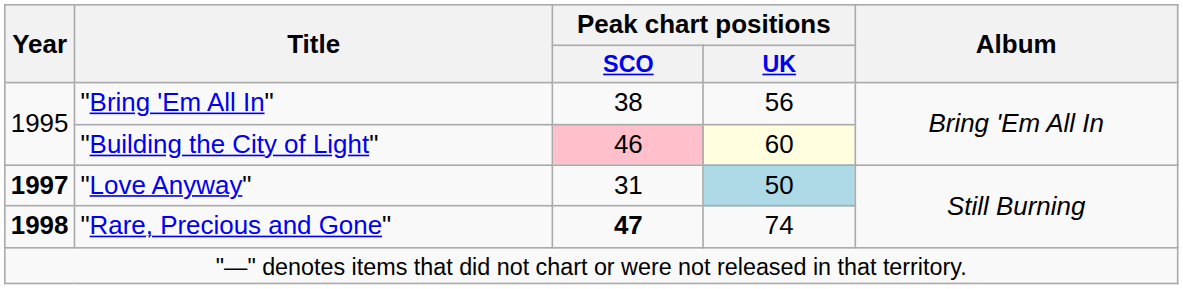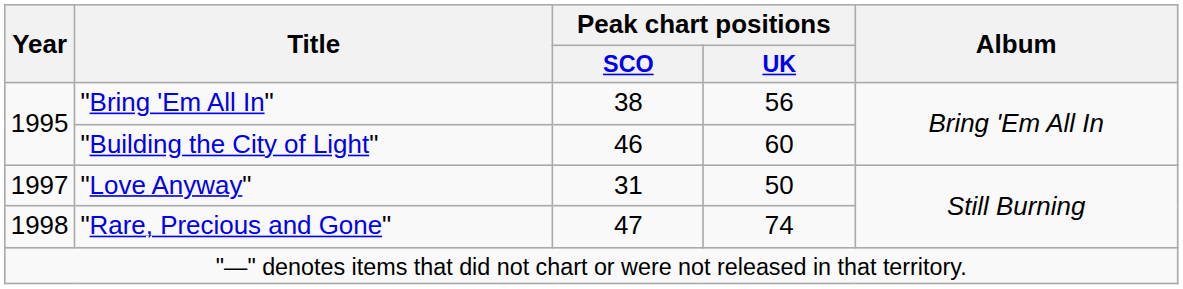 <table class="wikitable" style="text-align:center;">
 <tr>
 <th rowspan="2" style="width:2em;">Year</th>
 <th rowspan="2" style="width:18em;">Title</th>
 <th colspan="2">Peak chart positions</th>
 <th rowspan="2" style="width:12em;">Album</th>
 </tr>
 <tr>
 <th style="width:6em;font-size:90%;"><a href='#'>SCO</a><br></th>
 <th style="width:6em;font-size:90%;"><a href='#'>UK</a><br></th>
 </tr>
 <tr>
 <td rowspan="2">1995</td>
 <td style="text-align:left;">"<a href='#'>Bring 'Em All In</a>"</td>
 <td>38</td>
 <td>56</td>
 <td rowspan="2"><em>Bring 'Em All In</em></td>
 </tr>
 <tr>
 <td style="text-align:left;">"<a href='#'>Building the City of Light</a>"</td>
-<td style="background: pink;">46</td>
-<td style="background: lightyellow;">60</td>
+<td>46</td>
+<td>60</td>
 </tr>
 <tr>
-<td><strong>1997</strong></td>
+<td>1997</td>
 <td style="text-align:left;">"<a href='#'>Love Anyway</a>"</td>
 <td>31</td>
-<td style="background: lightblue;">50</td>
+<td>50</td>
 <td rowspan="2"><em>Still Burning</em></td>
 </tr>
 <tr>
-<td><strong>1998</strong></td>
+<td>1998</td>
 <td style="text-align:left;">"<a href='#'>Rare, Precious and Gone</a>"</td>
-<td><strong>47</strong></td>
+<td>47</td>
 <td>74</td>
 </tr>
 <tr>
 <td colspan="15" style="font-size:90%">"—" denotes items that did not chart or were not released in that territory.</td>
 </tr>
 </table>
